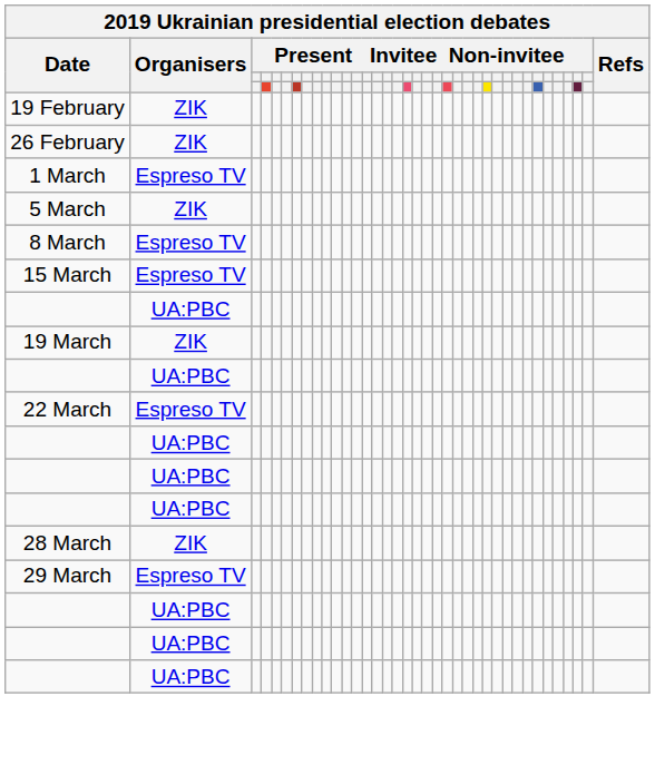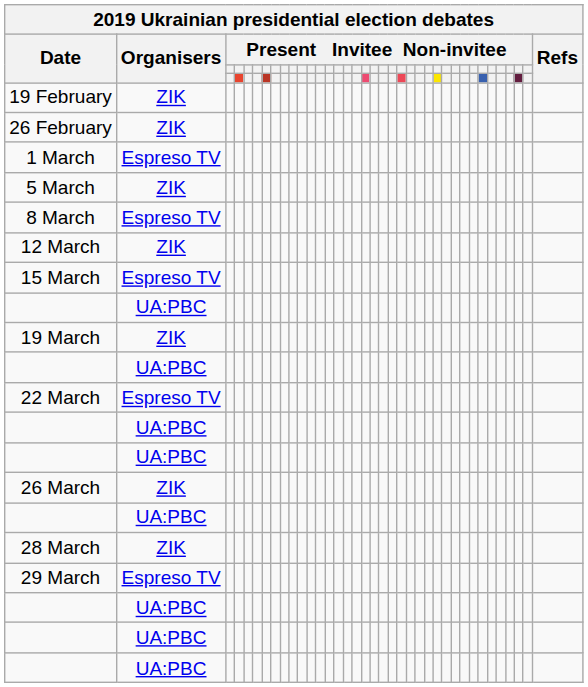 <table class="wikitable" style="font-size:85%; line-height:15px; text-align:center;">
 <tr>
 <th colspan="37">2019 Ukrainian presidential election debates</th>
 </tr>
 <tr>
 <th rowspan="3">Date</th>
 <th rowspan="3">Organisers</th>
 <th colspan="34"> Present    Invitee  Non-invitee </th>
 <th rowspan="3">Refs</th>
 </tr>
 <tr style="font-size:small;">
 <th></th>
 <th></th>
 <th></th>
 <th></th>
 <th></th>
 <th></th>
 <th></th>
 <th></th>
 <th></th>
 <th></th>
 <th></th>
 <th></th>
 <th></th>
 <th></th>
 <th></th>
 <th></th>
 <th></th>
 <th></th>
 <th></th>
 <th></th>
 <th></th>
 <th></th>
 <th></th>
 <th></th>
 <th></th>
 <th></th>
 <th></th>
 <th></th>
 <th></th>
 <th></th>
 <th></th>
 <th></th>
 <th></th>
 <th></th>
 </tr>
 <tr>
 <th style="background:"></th>
 <th style="background:#E8442E"></th>
 <th style="background:"></th>
 <th style="background:"></th>
 <th style="background:#BA3525"></th>
 <th style="background:"></th>
 <th style="background:"></th>
 <th style="background:"></th>
 <th style="background:"></th>
 <th style="background:"></th>
 <th style="background:"></th>
 <th style="background:"></th>
 <th style="background:"></th>
 <th style="background:"></th>
 <th style="background:"></th>
 <th style="background:#ED4B71"></th>
 <th style="background:"></th>
 <th style="background:"></th>
 <th style="background:"></th>
 <th style="background:#ED4857"></th>
 <th style="background:"></th>
 <th style="background:"></th>
 <th style="background:"></th>
 <th style="background:#fce600"></th>
 <th style="background:"></th>
 <th style="background:"></th>
 <th style="background:"></th>
 <th style="background:"></th>
 <th style="background:#3961AF"></th>
 <th style="background:"></th>
 <th style="background:"></th>
 <th style="background:"></th>
 <th style="background:#631D3F"></th>
 <th style="background:"></th>
 </tr>
 <tr>
 <td>19 February</td>
 <td><a href='#'>ZIK</a></td>
 <td></td>
 <td></td>
 <td></td>
 <td></td>
 <td></td>
 <td></td>
 <td></td>
 <td></td>
 <td></td>
 <td></td>
 <td></td>
 <td></td>
 <td></td>
 <td></td>
 <td></td>
 <td></td>
 <td></td>
 <td></td>
 <td></td>
 <td></td>
 <td></td>
 <td></td>
 <td></td>
 <td></td>
 <td></td>
 <td></td>
 <td></td>
 <td></td>
 <td></td>
 <td></td>
 <td></td>
 <td></td>
 <td></td>
 <td></td>
 <td></td>
 </tr>
 <tr>
 <td>26 February</td>
 <td><a href='#'>ZIK</a></td>
 <td></td>
 <td></td>
 <td></td>
 <td></td>
 <td></td>
 <td></td>
 <td></td>
 <td></td>
 <td></td>
 <td></td>
 <td></td>
 <td></td>
 <td></td>
 <td></td>
 <td></td>
 <td></td>
 <td></td>
 <td></td>
 <td></td>
 <td></td>
 <td></td>
 <td></td>
 <td></td>
 <td></td>
 <td></td>
 <td></td>
 <td></td>
 <td></td>
 <td></td>
 <td></td>
 <td></td>
 <td></td>
 <td></td>
 <td></td>
 <td></td>
 </tr>
 <tr>
 <td>1 March</td>
 <td><a href='#'>Espreso TV</a></td>
 <td></td>
 <td></td>
 <td></td>
 <td></td>
 <td></td>
 <td></td>
 <td></td>
 <td></td>
 <td></td>
 <td></td>
 <td></td>
 <td></td>
 <td></td>
 <td></td>
 <td></td>
 <td></td>
 <td></td>
 <td></td>
 <td></td>
 <td></td>
 <td></td>
 <td></td>
 <td></td>
 <td></td>
 <td></td>
 <td></td>
 <td></td>
 <td></td>
 <td></td>
 <td></td>
 <td></td>
 <td></td>
 <td></td>
 <td></td>
 <td></td>
 </tr>
 <tr>
 <td>5 March</td>
 <td><a href='#'>ZIK</a></td>
 <td></td>
 <td></td>
 <td></td>
 <td></td>
 <td></td>
 <td></td>
 <td></td>
 <td></td>
 <td></td>
 <td></td>
 <td></td>
 <td></td>
 <td></td>
 <td></td>
 <td></td>
 <td></td>
 <td></td>
 <td></td>
 <td></td>
 <td></td>
 <td></td>
 <td></td>
 <td></td>
 <td></td>
 <td></td>
 <td></td>
 <td></td>
 <td></td>
 <td></td>
 <td></td>
 <td></td>
 <td></td>
 <td></td>
 <td></td>
 <td></td>
 </tr>
 <tr>
 <td>8 March</td>
 <td><a href='#'>Espreso TV</a></td>
+<td></td>
+<td></td>
+<td></td>
+<td></td>
+<td></td>
+<td></td>
+<td></td>
+<td></td>
+<td></td>
+<td></td>
+<td></td>
+<td></td>
+<td></td>
+<td></td>
+<td></td>
+<td></td>
+<td></td>
+<td></td>
+<td></td>
+<td></td>
+<td></td>
+<td></td>
+<td></td>
+<td></td>
+<td></td>
+<td></td>
+<td></td>
+<td></td>
+<td></td>
+<td></td>
+<td></td>
+<td></td>
+<td></td>
+<td></td>
+<td></td>
+</tr>
+<tr>
+<td>12 March</td>
+<td><a href='#'>ZIK</a></td>
 <td></td>
 <td></td>
 <td></td>
 <td></td>
 <td></td>
 <td></td>
 <td></td>
 <td></td>
 <td></td>
 <td></td>
 <td></td>
 <td></td>
 <td></td>
 <td></td>
 <td></td>
 <td></td>
 <td></td>
 <td></td>
 <td></td>
 <td></td>
 <td></td>
 <td></td>
 <td></td>
 <td></td>
 <td></td>
 <td></td>
 <td></td>
 <td></td>
 <td></td>
 <td></td>
 <td></td>
 <td></td>
 <td></td>
 <td></td>
 <td></td>
 </tr>
 <tr>
 <td>15 March</td>
 <td><a href='#'>Espreso TV</a></td>
 <td></td>
 <td></td>
 <td></td>
 <td></td>
 <td></td>
 <td></td>
 <td></td>
 <td></td>
 <td></td>
 <td></td>
 <td></td>
 <td></td>
 <td></td>
 <td></td>
 <td></td>
 <td></td>
 <td></td>
 <td></td>
 <td></td>
 <td></td>
 <td></td>
 <td></td>
 <td></td>
 <td></td>
 <td></td>
 <td></td>
 <td></td>
 <td></td>
 <td></td>
 <td></td>
 <td></td>
 <td></td>
 <td></td>
 <td></td>
 <td></td>
 </tr>
 <tr>
 <td></td>
 <td><a href='#'>UA:PBC</a></td>
 <td></td>
 <td></td>
 <td></td>
 <td></td>
 <td></td>
 <td></td>
 <td></td>
 <td></td>
 <td></td>
 <td></td>
 <td></td>
 <td></td>
 <td></td>
 <td></td>
 <td></td>
 <td></td>
 <td></td>
 <td></td>
 <td></td>
 <td></td>
 <td></td>
 <td></td>
 <td></td>
 <td></td>
 <td></td>
 <td></td>
 <td></td>
 <td></td>
 <td></td>
 <td></td>
 <td></td>
 <td></td>
 <td></td>
 <td></td>
 <td></td>
 </tr>
 <tr>
 <td>19 March</td>
 <td><a href='#'>ZIK</a></td>
 <td></td>
 <td></td>
 <td></td>
 <td></td>
 <td></td>
 <td></td>
 <td></td>
 <td></td>
 <td></td>
 <td></td>
 <td></td>
 <td></td>
 <td></td>
 <td></td>
 <td></td>
 <td></td>
 <td></td>
 <td></td>
 <td></td>
 <td></td>
 <td></td>
 <td></td>
 <td></td>
 <td></td>
 <td></td>
 <td></td>
 <td></td>
 <td></td>
 <td></td>
 <td></td>
 <td></td>
 <td></td>
 <td></td>
 <td></td>
 <td></td>
 </tr>
 <tr>
 <td></td>
 <td><a href='#'>UA:PBC</a></td>
 <td></td>
 <td></td>
 <td></td>
 <td></td>
 <td></td>
 <td></td>
 <td></td>
 <td></td>
 <td></td>
 <td></td>
 <td></td>
 <td></td>
 <td></td>
 <td></td>
 <td></td>
 <td></td>
 <td></td>
 <td></td>
 <td></td>
 <td></td>
 <td></td>
 <td></td>
 <td></td>
 <td></td>
 <td></td>
 <td></td>
 <td></td>
 <td></td>
 <td></td>
 <td></td>
 <td></td>
 <td></td>
 <td></td>
 <td></td>
 <td></td>
 </tr>
 <tr>
 <td>22 March</td>
 <td><a href='#'>Espreso TV</a></td>
 <td></td>
 <td></td>
 <td></td>
 <td></td>
 <td></td>
 <td></td>
 <td></td>
 <td></td>
 <td></td>
 <td></td>
 <td></td>
 <td></td>
 <td></td>
 <td></td>
 <td></td>
 <td></td>
 <td></td>
 <td></td>
 <td></td>
 <td></td>
 <td></td>
 <td></td>
 <td></td>
 <td></td>
 <td></td>
 <td></td>
 <td></td>
 <td></td>
 <td></td>
 <td></td>
 <td></td>
 <td></td>
 <td></td>
 <td></td>
 <td></td>
 </tr>
 <tr>
 <td></td>
 <td><a href='#'>UA:PBC</a></td>
 <td></td>
 <td></td>
 <td></td>
 <td></td>
 <td></td>
 <td></td>
 <td></td>
 <td></td>
 <td></td>
 <td></td>
 <td></td>
 <td></td>
 <td></td>
 <td></td>
 <td></td>
 <td></td>
 <td></td>
 <td></td>
 <td></td>
 <td></td>
 <td></td>
 <td></td>
 <td></td>
 <td></td>
 <td></td>
 <td></td>
 <td></td>
 <td></td>
 <td></td>
 <td></td>
 <td></td>
 <td></td>
 <td></td>
 <td></td>
 <td></td>
 </tr>
 <tr>
 <td></td>
 <td><a href='#'>UA:PBC</a></td>
 <td></td>
 <td></td>
 <td></td>
 <td></td>
 <td></td>
 <td></td>
 <td></td>
 <td></td>
 <td></td>
 <td></td>
 <td></td>
 <td></td>
 <td></td>
 <td></td>
 <td></td>
 <td></td>
 <td></td>
 <td></td>
 <td></td>
 <td></td>
 <td></td>
 <td></td>
 <td></td>
 <td></td>
 <td></td>
 <td></td>
 <td></td>
 <td></td>
 <td></td>
 <td></td>
 <td></td>
 <td></td>
 <td></td>
 <td></td>
 <td></td>
 </tr>
 <tr>
+<td>26 March</td>
+<td><a href='#'>ZIK</a></td>
+<td></td>
+<td></td>
+<td></td>
+<td></td>
+<td></td>
+<td></td>
+<td></td>
+<td></td>
+<td></td>
+<td></td>
+<td></td>
+<td></td>
+<td></td>
+<td></td>
+<td></td>
+<td></td>
+<td></td>
+<td></td>
+<td></td>
+<td></td>
+<td></td>
+<td></td>
+<td></td>
+<td></td>
+<td></td>
+<td></td>
+<td></td>
+<td></td>
+<td></td>
+<td></td>
+<td></td>
+<td></td>
+<td></td>
+<td></td>
+<td></td>
+</tr>
+<tr>
 <td></td>
 <td><a href='#'>UA:PBC</a></td>
 <td></td>
 <td></td>
 <td></td>
 <td></td>
 <td></td>
 <td></td>
 <td></td>
 <td></td>
 <td></td>
 <td></td>
 <td></td>
 <td></td>
 <td></td>
 <td></td>
 <td></td>
 <td></td>
 <td></td>
 <td></td>
 <td></td>
 <td></td>
 <td></td>
 <td></td>
 <td></td>
 <td></td>
 <td></td>
 <td></td>
 <td></td>
 <td></td>
 <td></td>
 <td></td>
 <td></td>
 <td></td>
 <td></td>
 <td></td>
 <td></td>
 </tr>
 <tr>
 <td>28 March</td>
 <td><a href='#'>ZIK</a></td>
 <td></td>
 <td></td>
 <td></td>
 <td></td>
 <td></td>
 <td></td>
 <td></td>
 <td></td>
 <td></td>
 <td></td>
 <td></td>
 <td></td>
 <td></td>
 <td></td>
 <td></td>
 <td></td>
 <td></td>
 <td></td>
 <td></td>
 <td></td>
 <td></td>
 <td></td>
 <td></td>
 <td></td>
 <td></td>
 <td></td>
 <td></td>
 <td></td>
 <td></td>
 <td></td>
 <td></td>
 <td></td>
 <td></td>
 <td></td>
 <td></td>
 </tr>
 <tr>
 <td>29 March</td>
 <td><a href='#'>Espreso TV</a></td>
 <td></td>
 <td></td>
 <td></td>
 <td></td>
 <td></td>
 <td></td>
 <td></td>
 <td></td>
 <td></td>
 <td></td>
 <td></td>
 <td></td>
 <td></td>
 <td></td>
 <td></td>
 <td></td>
 <td></td>
 <td></td>
 <td></td>
 <td></td>
 <td></td>
 <td></td>
 <td></td>
 <td></td>
 <td></td>
 <td></td>
 <td></td>
 <td></td>
 <td></td>
 <td></td>
 <td></td>
 <td></td>
 <td></td>
 <td></td>
 <td></td>
 </tr>
 <tr>
 <td></td>
 <td><a href='#'>UA:PBC</a></td>
 <td></td>
 <td></td>
 <td></td>
 <td></td>
 <td></td>
 <td></td>
 <td></td>
 <td></td>
 <td></td>
 <td></td>
 <td></td>
 <td></td>
 <td></td>
 <td></td>
 <td></td>
 <td></td>
 <td></td>
 <td></td>
 <td></td>
 <td></td>
 <td></td>
 <td></td>
 <td></td>
 <td></td>
 <td></td>
 <td></td>
 <td></td>
 <td></td>
 <td></td>
 <td></td>
 <td></td>
 <td></td>
 <td></td>
 <td></td>
 <td></td>
 </tr>
 <tr>
 <td></td>
 <td><a href='#'>UA:PBC</a></td>
 <td></td>
 <td></td>
 <td></td>
 <td></td>
 <td></td>
 <td></td>
 <td></td>
 <td></td>
 <td></td>
 <td></td>
 <td></td>
 <td></td>
 <td></td>
 <td></td>
 <td></td>
 <td></td>
 <td></td>
 <td></td>
 <td></td>
 <td></td>
 <td></td>
 <td></td>
 <td></td>
 <td></td>
 <td></td>
 <td></td>
 <td></td>
 <td></td>
 <td></td>
 <td></td>
 <td></td>
 <td></td>
 <td></td>
 <td></td>
 <td></td>
 </tr>
 <tr>
 <td></td>
 <td><a href='#'>UA:PBC</a></td>
 <td></td>
 <td></td>
 <td></td>
 <td></td>
 <td></td>
 <td></td>
 <td></td>
 <td></td>
 <td></td>
 <td></td>
 <td></td>
 <td></td>
 <td></td>
 <td></td>
 <td></td>
 <td></td>
 <td></td>
 <td></td>
 <td></td>
 <td></td>
 <td></td>
 <td></td>
 <td></td>
 <td></td>
 <td></td>
 <td></td>
 <td></td>
 <td></td>
 <td></td>
 <td></td>
 <td></td>
 <td></td>
 <td></td>
 <td></td>
 <td></td>
 </tr>
 </table>
